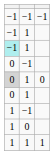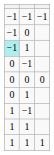 <table class="wikitable" style="text-align: center">
 <tr>
 <th></th>
 <th></th>
 <th></th>
 </tr>
 <tr>
 <td>−1</td>
 <td>−1</td>
 <td>−1</td>
 </tr>
 <tr>
 <td>−1</td>
-<td>1</td>
+<td>0</td>
 <td></td>
 </tr>
 <tr>
 <td style="background: paleturquoise;">−1</td>
 <td>1</td>
 <td></td>
 </tr>
 <tr>
 <td>0</td>
 <td>−1</td>
 <td></td>
 </tr>
 <tr>
-<td style="background: lightgrey;">0</td>
-<td>1</td>
+<td>0</td>
+<td>0</td>
 <td>0</td>
 </tr>
 <tr>
 <td>0</td>
 <td>1</td>
 <td></td>
 </tr>
 <tr>
 <td>1</td>
 <td>−1</td>
 <td></td>
 </tr>
 <tr>
 <td>1</td>
-<td>0</td>
+<td>1</td>
 <td></td>
 </tr>
 <tr>
 <td>1</td>
 <td>1</td>
 <td>1</td>
 </tr>
 </table>
